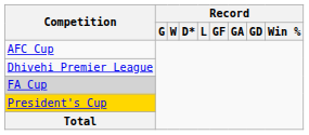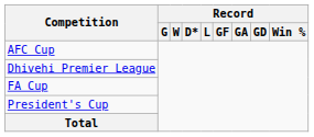 <table class="wikitable" style="text-align: center">
 <tr>
 <th rowspan="2">Competition</th>
 <th colspan="9">Record</th>
 </tr>
 <tr>
 <th>G</th>
 <th>W</th>
 <th>D*</th>
 <th>L</th>
 <th>GF</th>
 <th>GA</th>
 <th>GD</th>
 <th>Win %</th>
 </tr>
 <tr>
 <td style="text-align: left"><a href='#'>AFC Cup</a><br></td>
 </tr>
 <tr>
 <td style="text-align: left"><a href='#'>Dhivehi Premier League</a><br></td>
 </tr>
 <tr>
-<td style="background: lightgrey; text-align: left"><a href='#'>FA Cup</a><br></td>
+<td style="text-align: left"><a href='#'>FA Cup</a><br></td>
 </tr>
 <tr>
-<td style="background: gold; text-align: left"><a href='#'>President's Cup</a><br></td>
+<td style="text-align: left"><a href='#'>President's Cup</a><br></td>
 </tr>
 <tr>
 <th>Total<br></th>
 </tr>
 </table>
